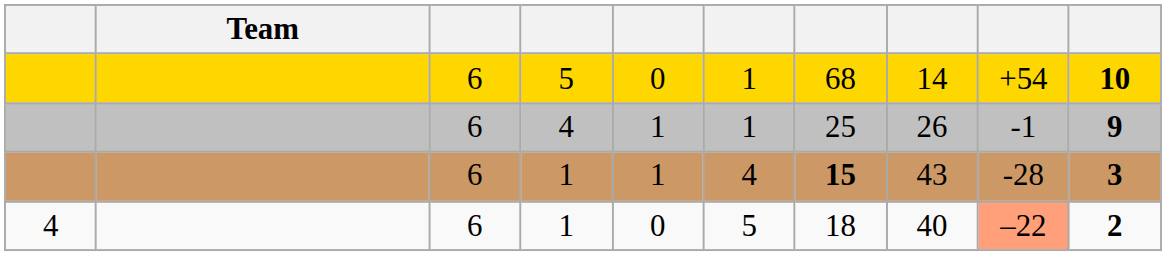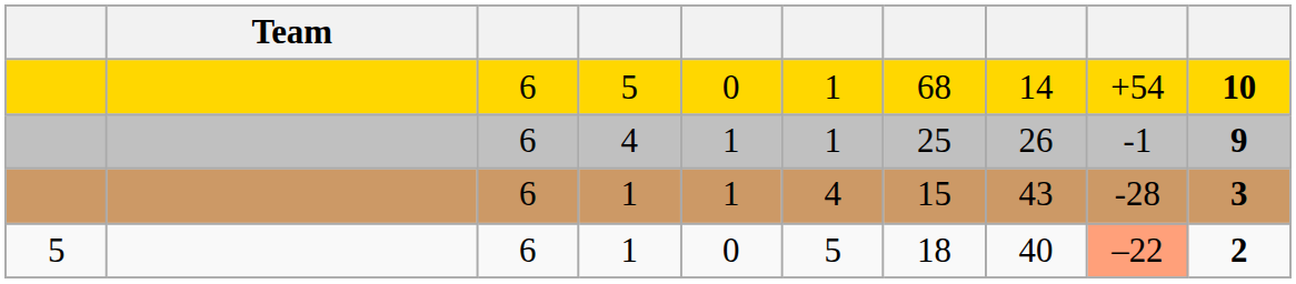 <table class="wikitable" style="text-align:center;">
 <tr>
 <th width=40></th>
 <th width=165>Team</th>
 <th width=40></th>
 <th width=40></th>
 <th width=40></th>
 <th width=40></th>
 <th width=40></th>
 <th width=40></th>
 <th width=40></th>
 <th width=40></th>
 </tr>
 <tr style="background:#ffd700;">
 <td></td>
 <td style="text-align:left;"></td>
 <td>6</td>
 <td>5</td>
 <td>0</td>
 <td>1</td>
 <td>68</td>
 <td>14</td>
 <td>+54</td>
 <td><strong>10</strong></td>
 </tr>
 <tr style="background:#c0c0c0;">
 <td></td>
 <td style="text-align:left;"></td>
 <td>6</td>
 <td>4</td>
 <td>1</td>
 <td>1</td>
 <td>25</td>
 <td>26</td>
 <td>-1</td>
 <td><strong>9</strong></td>
 </tr>
 <tr style="background:#cc9966;">
 <td></td>
 <td style="text-align:left;"></td>
 <td>6</td>
 <td>1</td>
 <td>1</td>
 <td>4</td>
-<td><strong>15</strong></td>
+<td>15</td>
 <td>43</td>
 <td>-28</td>
 <td><strong>3</strong></td>
 </tr>
 <tr>
-<td>4</td>
+<td>5</td>
 <td style="text-align:left;"></td>
 <td>6</td>
 <td>1</td>
 <td>0</td>
 <td>5</td>
 <td>18</td>
 <td>40</td>
 <td style="background: lightsalmon;">–22</td>
 <td><strong>2</strong></td>
 </tr>
 </table>
